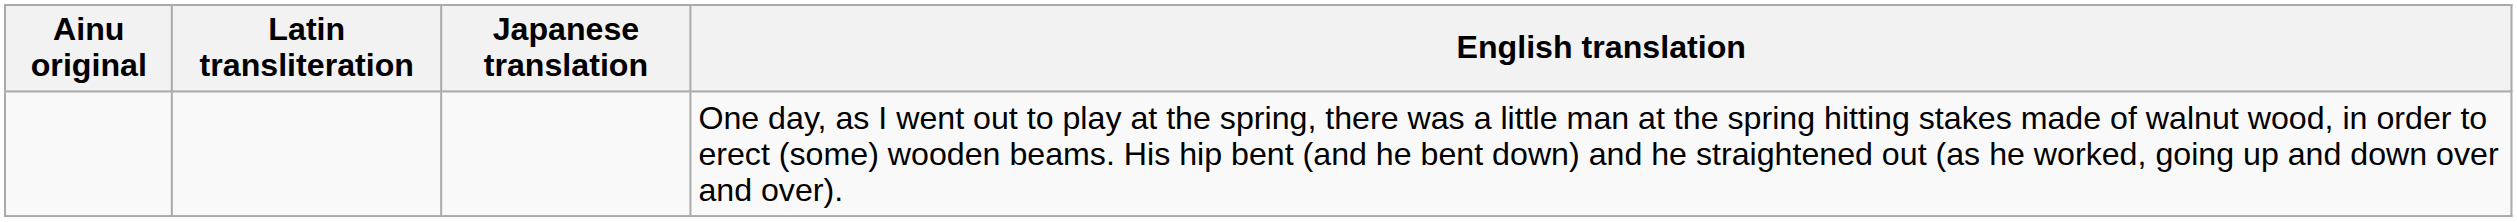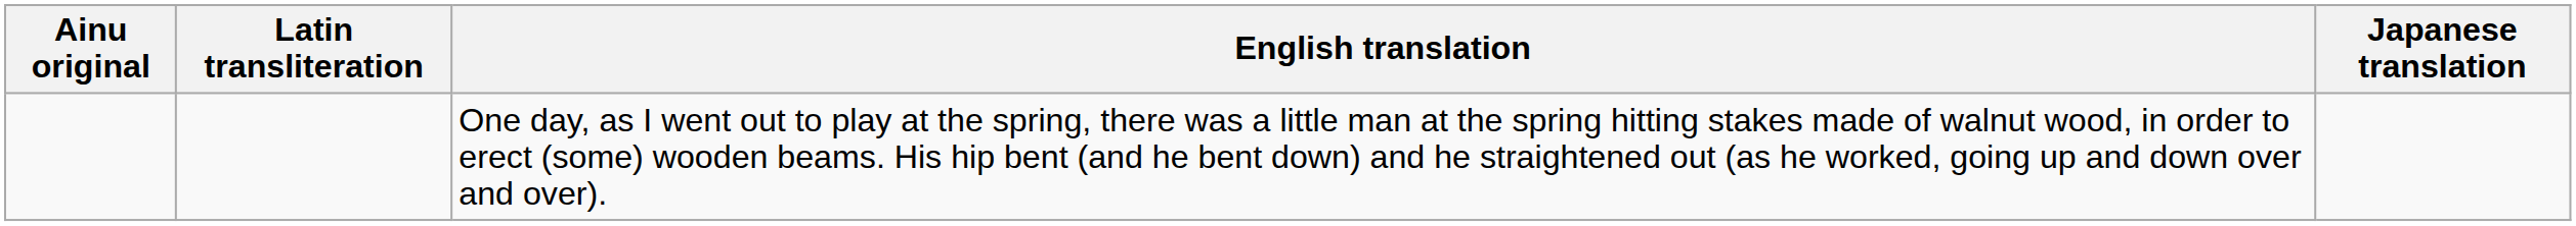 <table class="wikitable">
 <tr>
 <th>Ainu original</th>
 <th>Latin transliteration</th>
+<th>English translation</th>
 <th>Japanese translation</th>
-<th>English translation</th>
 </tr>
 <tr>
 <td></td>
 <td></td>
+<td>One day, as I went out to play at the spring, there was a little man at the spring hitting stakes made of walnut wood, in order to erect (some) wooden beams. His hip bent (and he bent down) and he straightened out (as he worked, going up and down over and over).</td>
 <td></td>
-<td>One day, as I went out to play at the spring, there was a little man at the spring hitting stakes made of walnut wood, in order to erect (some) wooden beams. His hip bent (and he bent down) and he straightened out (as he worked, going up and down over and over).</td>
 </tr>
 </table>
